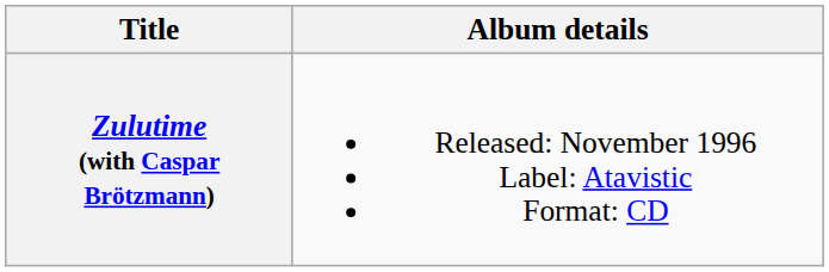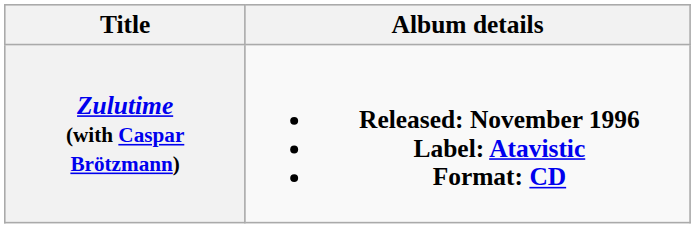 <table class="wikitable plainrowheaders" style="text-align:center;">
 <tr>
 <th scope="col" rowspan="1" style="width:9em;">Title</th>
 <th scope="col" rowspan="1" style="width:17em;">Album details</th>
 </tr>
 <tr>
 <th scope="row"><em><a href='#'>Zulutime</a></em><br><small>(with <a href='#'>Caspar Brötzmann</a>)</small></th>
-<td><br><ul><li>Released: November 1996</li><li>Label: <a href='#'>Atavistic</a></li><li>Format: <a href='#'>CD</a></li></ul></td>
+<td><strong><br><ul><li>Released: November 1996</li><li>Label: <a href='#'>Atavistic</a></li><li>Format: <a href='#'>CD</a></li></ul></strong></td>
 </tr>
 </table>
